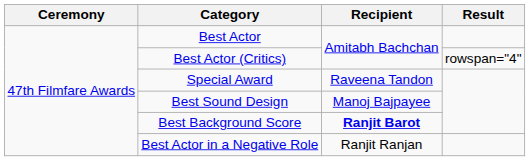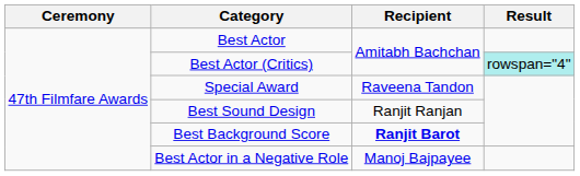 <table class="wikitable">
 <tr>
 <th>Ceremony</th>
 <th>Category</th>
 <th>Recipient</th>
 <th>Result</th>
 </tr>
 <tr>
 <td rowspan="6" align="center"><a href='#'>47th Filmfare Awards</a></td>
 <td align="center"><a href='#'>Best Actor</a></td>
 <td rowspan="2" align="center"><a href='#'>Amitabh Bachchan</a></td>
 <td></td>
 </tr>
 <tr>
 <td align="center"><a href='#'>Best Actor (Critics)</a></td>
-<td>rowspan="4" </td>
+<td style="background: paleturquoise;">rowspan="4" </td>
 </tr>
 <tr>
 <td align="center"><a href='#'>Special Award</a></td>
 <td align="center"><a href='#'>Raveena Tandon</a></td>
 </tr>
 <tr>
 <td align="center"><a href='#'>Best Sound Design</a></td>
-<td align="center"><a href='#'>Manoj Bajpayee</a></td>
+<td align="center">Ranjit Ranjan</td>
 </tr>
 <tr>
 <td align="center"><a href='#'>Best Background Score</a></td>
 <td align="center"><strong><a href='#'>Ranjit Barot</a></strong></td>
 </tr>
 <tr>
 <td align="center"><a href='#'>Best Actor in a Negative Role</a></td>
-<td align="center">Ranjit Ranjan</td>
+<td align="center"><a href='#'>Manoj Bajpayee</a></td>
 <td></td>
 </tr>
 </table>
